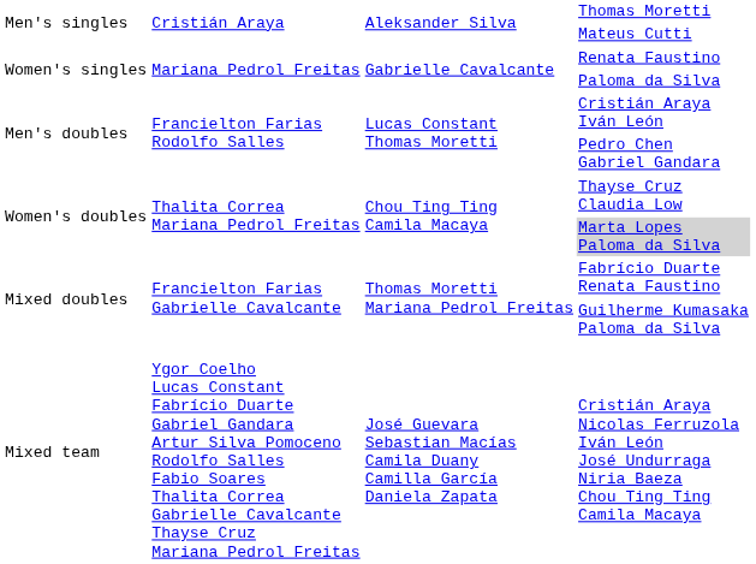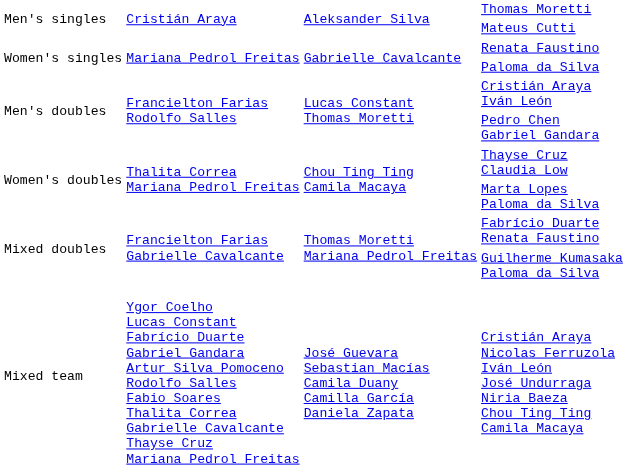 <table>
 <tr>
 <td rowspan="2">Men's singles</td>
 <td rowspan="2"> <a href='#'>Cristián Araya</a></td>
 <td rowspan="2"> <a href='#'>Aleksander Silva</a></td>
 <td> <a href='#'>Thomas Moretti</a></td>
 </tr>
 <tr>
 <td> <a href='#'>Mateus Cutti</a></td>
 </tr>
 <tr>
 <td rowspan="2">Women's singles</td>
 <td rowspan="2"> <a href='#'>Mariana Pedrol Freitas</a></td>
 <td rowspan="2"> <a href='#'>Gabrielle Cavalcante</a></td>
 <td> <a href='#'>Renata Faustino</a></td>
 </tr>
 <tr>
 <td> <a href='#'>Paloma da Silva</a></td>
 </tr>
 <tr>
 <td rowspan="2">Men's doubles</td>
 <td rowspan="2"> <a href='#'>Francielton Farias</a><br> <a href='#'>Rodolfo Salles</a></td>
 <td rowspan="2"> <a href='#'>Lucas Constant</a><br> <a href='#'>Thomas Moretti</a></td>
 <td> <a href='#'>Cristián Araya</a><br> <a href='#'>Iván León</a></td>
 </tr>
 <tr>
 <td> <a href='#'>Pedro Chen</a><br> <a href='#'>Gabriel Gandara</a></td>
 </tr>
 <tr>
 <td rowspan="2">Women's doubles</td>
 <td rowspan="2"> <a href='#'>Thalita Correa</a><br> <a href='#'>Mariana Pedrol Freitas</a></td>
 <td rowspan="2"> <a href='#'>Chou Ting Ting</a><br> <a href='#'>Camila Macaya</a></td>
 <td> <a href='#'>Thayse Cruz</a><br> <a href='#'>Claudia Low</a></td>
 </tr>
 <tr>
-<td style="background: lightgrey;"> <a href='#'>Marta Lopes</a><br> <a href='#'>Paloma da Silva</a></td>
+<td> <a href='#'>Marta Lopes</a><br> <a href='#'>Paloma da Silva</a></td>
 </tr>
 <tr>
 <td rowspan="2">Mixed doubles</td>
 <td rowspan="2"> <a href='#'>Francielton Farias</a><br> <a href='#'>Gabrielle Cavalcante</a></td>
 <td rowspan="2"> <a href='#'>Thomas Moretti</a><br> <a href='#'>Mariana Pedrol Freitas</a></td>
 <td> <a href='#'>Fabrício Duarte</a><br> <a href='#'>Renata Faustino</a></td>
 </tr>
 <tr>
 <td> <a href='#'>Guilherme Kumasaka</a><br> <a href='#'>Paloma da Silva</a></td>
 </tr>
 <tr>
 <td>Mixed team</td>
 <td align="left"><br><a href='#'>Ygor Coelho</a><br><a href='#'>Lucas Constant</a><br><a href='#'>Fabrício Duarte</a><br><a href='#'>Gabriel Gandara</a><br><a href='#'>Artur Silva Pomoceno</a><br><a href='#'>Rodolfo Salles</a><br><a href='#'>Fabio Soares</a><br><a href='#'>Thalita Correa</a><br><a href='#'>Gabrielle Cavalcante</a><br><a href='#'>Thayse Cruz</a><br><a href='#'>Mariana Pedrol Freitas</a></td>
 <td align="left"><br><a href='#'>José Guevara</a><br><a href='#'>Sebastian Macías</a><br><a href='#'>Camila Duany</a><br><a href='#'>Camilla García</a><br><a href='#'>Daniela Zapata</a></td>
 <td align="left"><br><a href='#'>Cristián Araya</a><br><a href='#'>Nicolas Ferruzola</a><br><a href='#'>Iván León</a><br><a href='#'>José Undurraga</a><br><a href='#'>Niria Baeza</a><br><a href='#'>Chou Ting Ting</a><br><a href='#'>Camila Macaya</a></td>
 </tr>
 </table>
